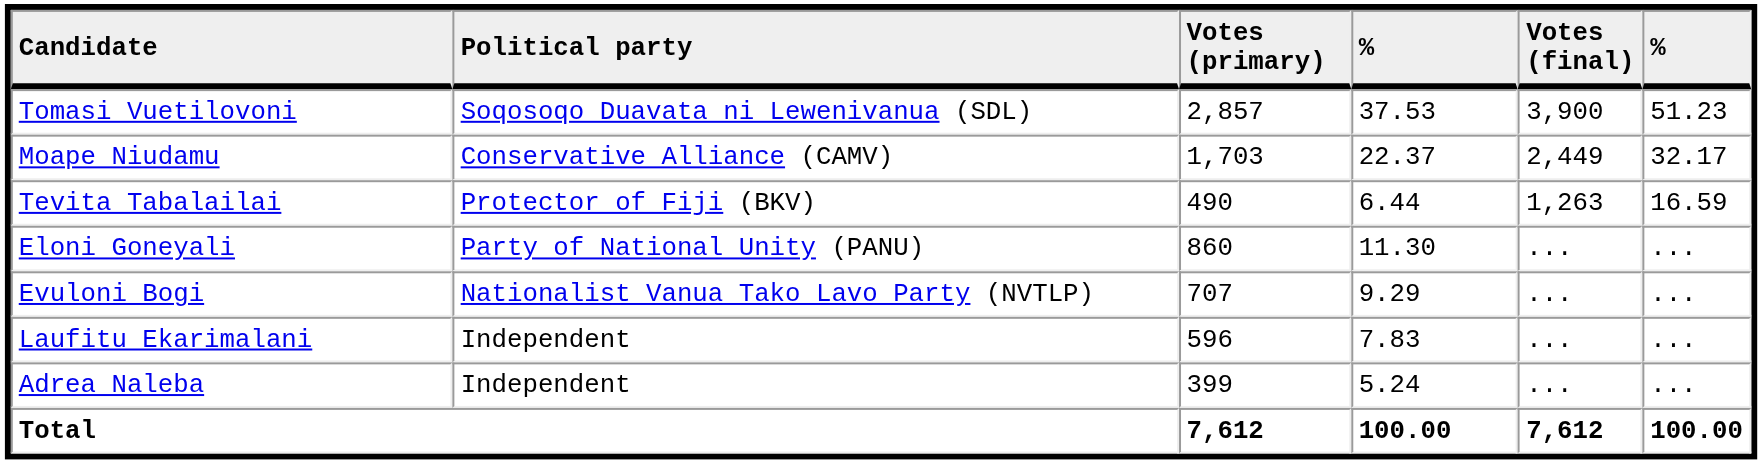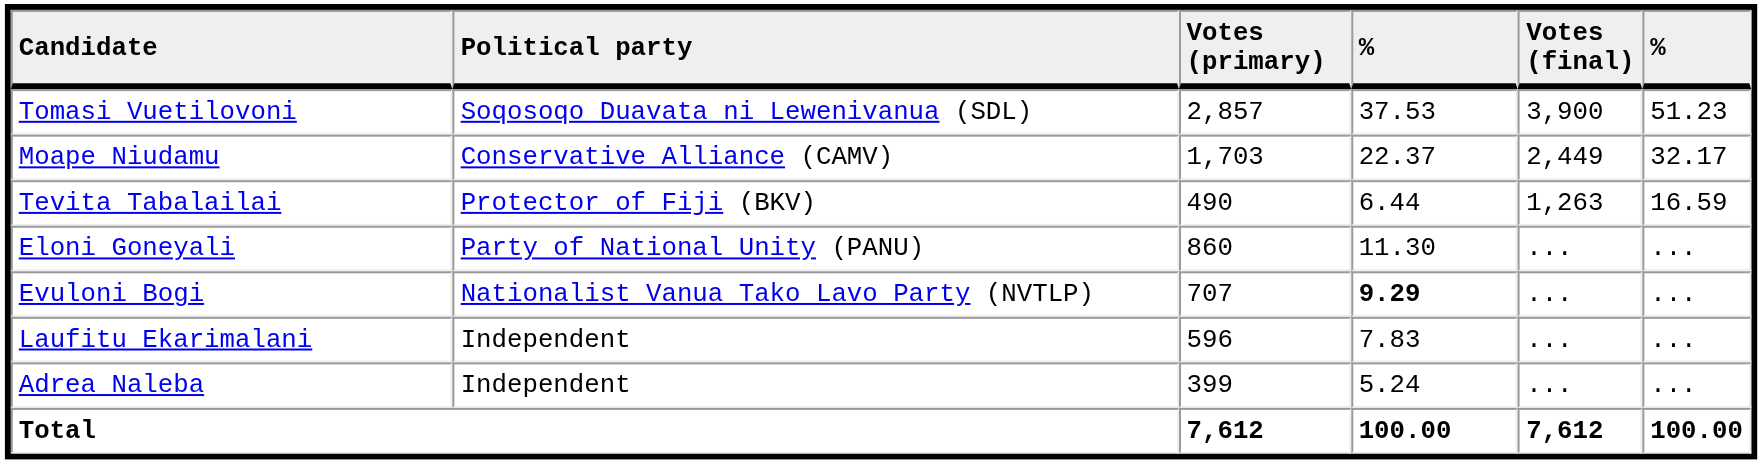 <table table width="70%" border="1" align="center" cellpadding=3 cellspacing=0 style="margin:5px; border:3px solid;">
 <tr>
 <td td width="27%" style="border-bottom:3px solid; background:#efefef;"><strong>Candidate</strong></td>
 <td td width="45%" style="border-bottom:3px solid; background:#efefef;"><strong>Political party</strong></td>
 <td td width="10%" style="border-bottom:3px solid; background:#efefef;"><strong>Votes<br>(primary)</strong></td>
 <td td width="10%" style="border-bottom:3px solid; background:#efefef;"><strong>%</strong></td>
 <td td width="4%" style="border-bottom:3px solid; background:#efefef;"><strong>Votes<br>(final)</strong></td>
 <td td width="4%" style="border-bottom:3px solid; background:#efefef;"><strong>%</strong></td>
 </tr>
 <tr>
 <td><a href='#'>Tomasi Vuetilovoni</a></td>
 <td><a href='#'>Soqosoqo Duavata ni Lewenivanua</a> (SDL)</td>
 <td>2,857</td>
 <td>37.53</td>
 <td>3,900</td>
 <td>51.23</td>
 </tr>
 <tr>
 <td><a href='#'>Moape Niudamu</a></td>
 <td><a href='#'>Conservative Alliance</a> (CAMV)</td>
 <td>1,703</td>
 <td>22.37</td>
 <td>2,449</td>
 <td>32.17</td>
 </tr>
 <tr>
 <td><a href='#'>Tevita Tabalailai</a></td>
 <td><a href='#'>Protector of Fiji</a> (BKV)</td>
 <td>490</td>
 <td>6.44</td>
 <td>1,263</td>
 <td>16.59</td>
 </tr>
 <tr>
 <td><a href='#'>Eloni Goneyali</a></td>
 <td><a href='#'>Party of National Unity</a> (PANU)</td>
 <td>860</td>
 <td>11.30</td>
 <td>...</td>
 <td>...</td>
 </tr>
 <tr>
 <td><a href='#'>Evuloni Bogi</a></td>
 <td><a href='#'>Nationalist Vanua Tako Lavo Party</a> (NVTLP)</td>
 <td>707</td>
-<td>9.29</td>
+<td><strong>9.29</strong></td>
 <td>...</td>
 <td>...</td>
 </tr>
 <tr>
 <td><a href='#'>Laufitu Ekarimalani</a></td>
 <td>Independent</td>
 <td>596</td>
 <td>7.83</td>
 <td>...</td>
 <td>...</td>
 </tr>
 <tr>
 <td><a href='#'>Adrea Naleba</a></td>
 <td>Independent</td>
 <td>399</td>
 <td>5.24</td>
 <td>...</td>
 <td>...</td>
 </tr>
 <tr>
 <td colspan=2><strong>Total</strong></td>
 <td><strong>7,612</strong></td>
 <td><strong>100.00</strong></td>
 <td><strong>7,612</strong></td>
 <td><strong>100.00</strong></td>
 </tr>
 <tr>
 </tr>
 </table>
